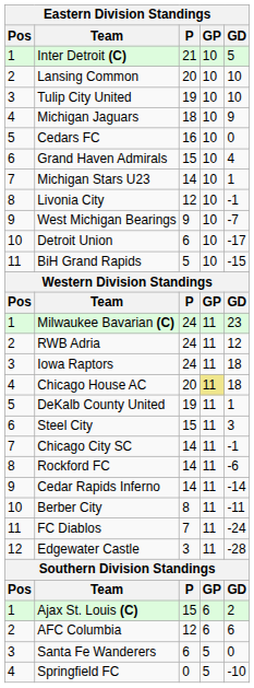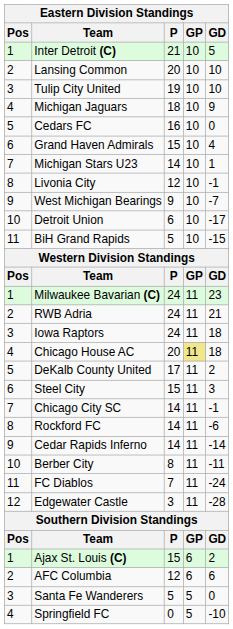 <table class="wikitable mw-collapsible">
 <tr>
 <th colspan="5">Eastern Division Standings</th>
 </tr>
 <tr>
 <th>Pos</th>
 <th>Team</th>
 <th>P</th>
 <th>GP</th>
 <th>GD</th>
 </tr>
 <tr style="background:#DDFCDD">
 <td>1</td>
 <td>Inter Detroit <strong>(C)</strong></td>
 <td>21</td>
 <td>10</td>
 <td>5</td>
 </tr>
 <tr>
 <td>2</td>
 <td>Lansing Common</td>
 <td>20</td>
 <td>10</td>
 <td>10</td>
 </tr>
 <tr>
 <td>3</td>
 <td>Tulip City United</td>
 <td>19</td>
 <td>10</td>
 <td>10</td>
 </tr>
 <tr>
 <td>4</td>
 <td>Michigan Jaguars</td>
 <td>18</td>
 <td>10</td>
 <td>9</td>
 </tr>
 <tr>
 <td>5</td>
 <td>Cedars FC</td>
 <td>16</td>
 <td>10</td>
 <td>0</td>
 </tr>
 <tr>
 <td>6</td>
 <td>Grand Haven Admirals</td>
 <td>15</td>
 <td>10</td>
 <td>4</td>
 </tr>
 <tr>
 <td>7</td>
 <td>Michigan Stars U23</td>
 <td>14</td>
 <td>10</td>
 <td>1</td>
 </tr>
 <tr>
 <td>8</td>
 <td>Livonia City</td>
 <td>12</td>
 <td>10</td>
 <td>-1</td>
 </tr>
 <tr>
 <td>9</td>
 <td>West Michigan Bearings</td>
 <td>9</td>
 <td>10</td>
 <td>-7</td>
 </tr>
 <tr>
 <td>10</td>
 <td>Detroit Union</td>
 <td>6</td>
 <td>10</td>
 <td>-17</td>
 </tr>
 <tr>
 <td>11</td>
 <td>BiH Grand Rapids</td>
 <td>5</td>
 <td>10</td>
 <td>-15</td>
 </tr>
 <tr>
 <th colspan="5">Western Division Standings</th>
 </tr>
 <tr>
 <th>Pos</th>
 <th>Team</th>
 <th>P</th>
 <th>GP</th>
 <th>GD</th>
 </tr>
 <tr style="background:#DDFCDD">
 <td>1</td>
 <td>Milwaukee Bavarian <strong>(C)</strong></td>
 <td>24</td>
 <td>11</td>
 <td>23</td>
 </tr>
 <tr>
 <td>2</td>
 <td>RWB Adria</td>
 <td>24</td>
 <td>11</td>
-<td>12</td>
+<td>21</td>
 </tr>
 <tr>
 <td>3</td>
 <td>Iowa Raptors</td>
 <td>24</td>
 <td>11</td>
 <td>18</td>
 </tr>
 <tr>
 <td>4</td>
 <td>Chicago House AC</td>
 <td>20</td>
 <td style="background: khaki;">11</td>
 <td>18</td>
 </tr>
 <tr>
 <td>5</td>
 <td>DeKalb County United</td>
-<td>19</td>
+<td>17</td>
 <td>11</td>
-<td>1</td>
+<td>2</td>
 </tr>
 <tr>
 <td>6</td>
 <td>Steel City</td>
 <td>15</td>
 <td>11</td>
 <td>3</td>
 </tr>
 <tr>
 <td>7</td>
 <td>Chicago City SC</td>
 <td>14</td>
 <td>11</td>
 <td>-1</td>
 </tr>
 <tr>
 <td>8</td>
 <td>Rockford FC</td>
 <td>14</td>
 <td>11</td>
 <td>-6</td>
 </tr>
 <tr>
 <td>9</td>
 <td>Cedar Rapids Inferno</td>
 <td>14</td>
 <td>11</td>
 <td>-14</td>
 </tr>
 <tr>
 <td>10</td>
 <td>Berber City</td>
 <td>8</td>
 <td>11</td>
 <td>-11</td>
 </tr>
 <tr>
 <td>11</td>
 <td>FC Diablos</td>
 <td>7</td>
 <td>11</td>
 <td>-24</td>
 </tr>
 <tr>
 <td>12</td>
 <td>Edgewater Castle</td>
 <td>3</td>
 <td>11</td>
 <td>-28</td>
 </tr>
 <tr>
 <th colspan="5">Southern Division Standings</th>
 </tr>
 <tr>
 <th>Pos</th>
 <th>Team</th>
 <th>P</th>
 <th>GP</th>
 <th>GD</th>
 </tr>
 <tr style="background:#DDFCDD">
 <td>1</td>
 <td>Ajax St. Louis <strong>(C)</strong></td>
 <td>15</td>
 <td>6</td>
 <td>2</td>
 </tr>
 <tr>
 <td>2</td>
 <td>AFC Columbia</td>
 <td>12</td>
 <td>6</td>
 <td>6</td>
 </tr>
 <tr>
 <td>3</td>
 <td>Santa Fe Wanderers</td>
-<td>6</td>
+<td>5</td>
 <td>5</td>
 <td>0</td>
 </tr>
 <tr>
 <td>4</td>
 <td>Springfield FC</td>
 <td>0</td>
 <td>5</td>
 <td>-10</td>
 </tr>
 </table>
